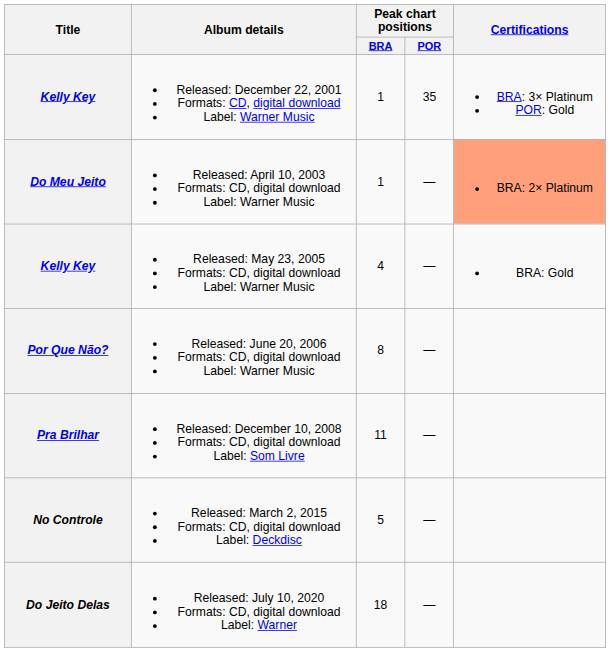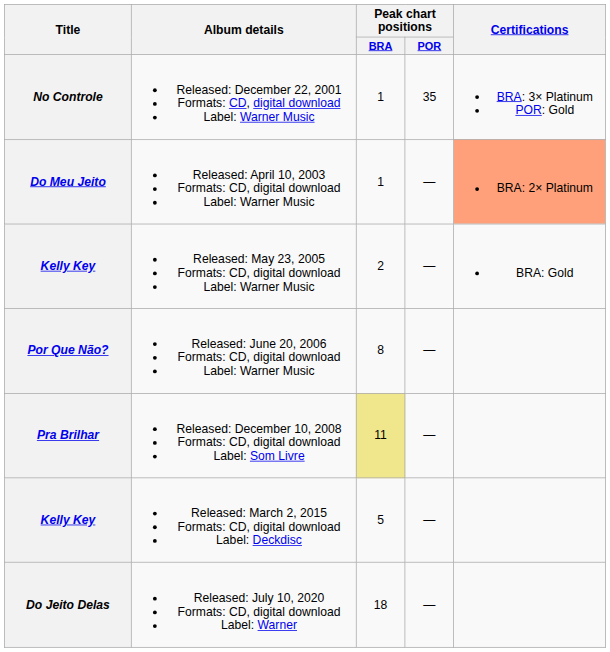 <table class="wikitable plainrowheaders" style="text-align:center;" border="1">
 <tr>
 <th scope="col" rowspan="2" style="width:10em;">Title</th>
 <th scope="col" rowspan="2" style="width:18em;">Album details</th>
 <th scope="col" colspan="2">Peak chart positions</th>
 <th scope="col" rowspan="2" style="width:12em;"><a href='#'>Certifications</a></th>
 </tr>
 <tr>
 <th scope="col" style="width:4em;font-size:90%;"><a href='#'>BRA</a><br></th>
 <th scope="col" style="width:4em;font-size:90%;"><a href='#'>POR</a><br></th>
 </tr>
 <tr>
-<th scope="row"><em><a href='#'>Kelly Key</a></em></th>
+<th scope="row"><em>No Controle</em></th>
 <td><br><ul><li>Released: December 22, 2001</li><li>Formats: <a href='#'>CD</a>, <a href='#'>digital download</a></li><li>Label: <a href='#'>Warner Music</a></li></ul></td>
 <td>1</td>
 <td>35</td>
 <td><br><ul><li><a href='#'>BRA</a>: 3× Platinum</li><li><a href='#'>POR</a>: Gold</li></ul></td>
 </tr>
 <tr>
 <th scope="row"><em><a href='#'>Do Meu Jeito</a></em></th>
 <td><br><ul><li>Released: April 10, 2003</li><li>Formats: CD, digital download</li><li>Label: Warner Music</li></ul></td>
 <td>1</td>
 <td>—</td>
 <td style="background: lightsalmon;"><br><ul><li>BRA: 2× Platinum</li></ul></td>
 </tr>
 <tr>
 <th scope="row"><em><a href='#'>Kelly Key</a></em></th>
 <td><br><ul><li>Released: May 23, 2005</li><li>Formats: CD, digital download</li><li>Label: Warner Music</li></ul></td>
-<td>4</td>
+<td>2</td>
 <td>—</td>
 <td><br><ul><li>BRA: Gold</li></ul></td>
 </tr>
 <tr>
 <th scope="row"><em><a href='#'>Por Que Não?</a></em></th>
 <td><br><ul><li>Released: June 20, 2006</li><li>Formats: CD, digital download</li><li>Label: Warner Music</li></ul></td>
 <td>8</td>
 <td>—</td>
 <td></td>
 </tr>
 <tr>
 <th scope="row"><em><a href='#'>Pra Brilhar</a></em></th>
 <td><br><ul><li>Released: December 10, 2008</li><li>Formats: CD, digital download</li><li>Label: <a href='#'>Som Livre</a></li></ul></td>
-<td>11</td>
+<td style="background: khaki;">11</td>
 <td>—</td>
 <td></td>
 </tr>
 <tr>
-<th scope="row"><em>No Controle</em></th>
+<th scope="row"><em><a href='#'>Kelly Key</a></em></th>
 <td><br><ul><li>Released: March 2, 2015</li><li>Formats: CD, digital download</li><li>Label: <a href='#'>Deckdisc</a></li></ul></td>
 <td>5</td>
 <td>—</td>
 <td></td>
 </tr>
 <tr>
 <th scope="row"><em>Do Jeito Delas</em></th>
 <td><br><ul><li>Released: July 10, 2020</li><li>Formats: CD, digital download</li><li>Label: <a href='#'>Warner</a></li></ul></td>
 <td>18</td>
 <td>—</td>
 <td></td>
 </tr>
 </table>
